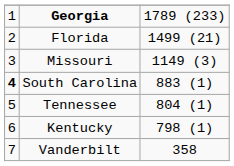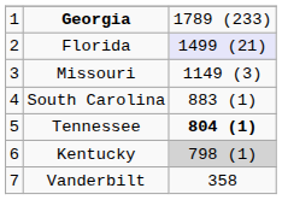 <table class="wikitable" style="display: inline-table;">
 <tr align="center">
 </tr>
 <tr align="center">
 <td>1</td>
 <td><strong>Georgia</strong></td>
 <td>1789 (233)</td>
 </tr>
 <tr align="center">
 <td>2</td>
 <td>Florida</td>
-<td>1499 (21)</td>
+<td style="background: lavender;">1499 (21)</td>
 </tr>
 <tr align="center">
 <td>3</td>
 <td>Missouri</td>
 <td>1149 (3)</td>
 </tr>
 <tr align="center">
-<td><strong>4</strong></td>
+<td>4</td>
 <td>South Carolina</td>
 <td>883 (1)</td>
 </tr>
 <tr align="center">
 <td>5</td>
 <td>Tennessee</td>
-<td>804 (1)</td>
+<td><strong>804 (1)</strong></td>
 </tr>
 <tr align="center">
 <td>6</td>
 <td>Kentucky</td>
-<td>798 (1)</td>
+<td style="background: lightgrey;">798 (1)</td>
 </tr>
 <tr align="center">
 <td>7</td>
 <td>Vanderbilt</td>
 <td>358</td>
 </tr>
 </table>
